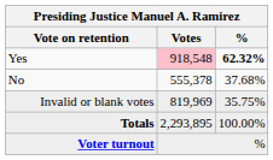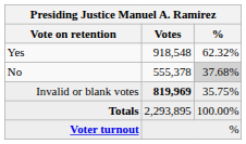 <table class="wikitable" style="font-size: 95%;">
 <tr style="background-color:#E9E9E9">
 <th colspan=7>Presiding Justice Manuel A. Ramirez</th>
 </tr>
 <tr style="background-color:#E9E9E9">
 <th style="width: 170px">Vote on retention</th>
 <th style="width: 50px">Votes</th>
 <th style="width: 40px">%</th>
 </tr>
 <tr>
 <td>Yes</td>
-<td align="right" style="background: pink;">918,548</td>
-<td align="right"><strong>62.32%</strong></td>
+<td align="right">918,548</td>
+<td align="right">62.32%</td>
 </tr>
 <tr>
 <td>No</td>
 <td align="right">555,378</td>
-<td align="right">37.68%</td>
+<td align="right" style="background: lightgrey;">37.68%</td>
 </tr>
 <tr style="background-color:#EEEEEE">
 <td align="right">Invalid or blank votes</td>
-<td align="right">819,969</td>
+<td align="right"><strong>819,969</strong></td>
 <td align="right">35.75%</td>
 </tr>
 <tr style="background-color:#EEEEEE">
 <td colspan="1" align="right"><strong>Totals</strong></td>
 <td align="right">2,293,895</td>
 <td align="right">100.00%</td>
 </tr>
 <tr style="background-color:#EEEEEE">
 <td align="right"><strong><a href='#'>Voter turnout</a></strong></td>
 <td colspan="2" align="right">%</td>
 </tr>
 </table>
